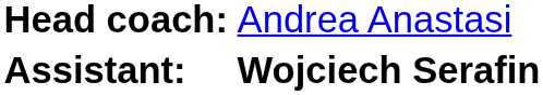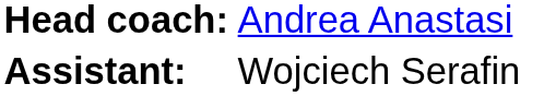 <table>
 <tr>
 <td><strong>Head coach:</strong></td>
 <td> <a href='#'>Andrea Anastasi</a></td>
 </tr>
 <tr>
 <td><strong>Assistant:</strong></td>
-<td><strong> Wojciech Serafin</strong></td>
+<td> Wojciech Serafin</td>
 </tr>
 </table>
